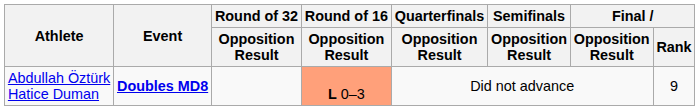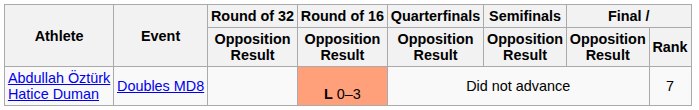 <table class=wikitable style="font-size:90%">
 <tr align=center>
 <th rowspan="2">Athlete</th>
 <th rowspan="2">Event</th>
 <th>Round of 32</th>
 <th>Round of 16</th>
 <th>Quarterfinals</th>
 <th>Semifinals</th>
 <th colspan="2">Final / </th>
 </tr>
 <tr>
 <th>Opposition<br>Result</th>
 <th>Opposition<br>Result</th>
 <th>Opposition<br>Result</th>
 <th>Opposition<br>Result</th>
 <th>Opposition<br>Result</th>
 <th>Rank</th>
 </tr>
 <tr align=center>
 <td align=left><a href='#'>Abdullah Öztürk</a><br><a href='#'>Hatice Duman</a></td>
-<td align=left><strong><a href='#'>Doubles MD8</a></strong></td>
+<td align=left><a href='#'>Doubles MD8</a></td>
 <td></td>
 <td style="background: lightsalmon;"><br><strong>L</strong> 0–3</td>
 <td align=center colspan=3>Did not advance</td>
-<td>9</td>
+<td>7</td>
 </tr>
 </table>
